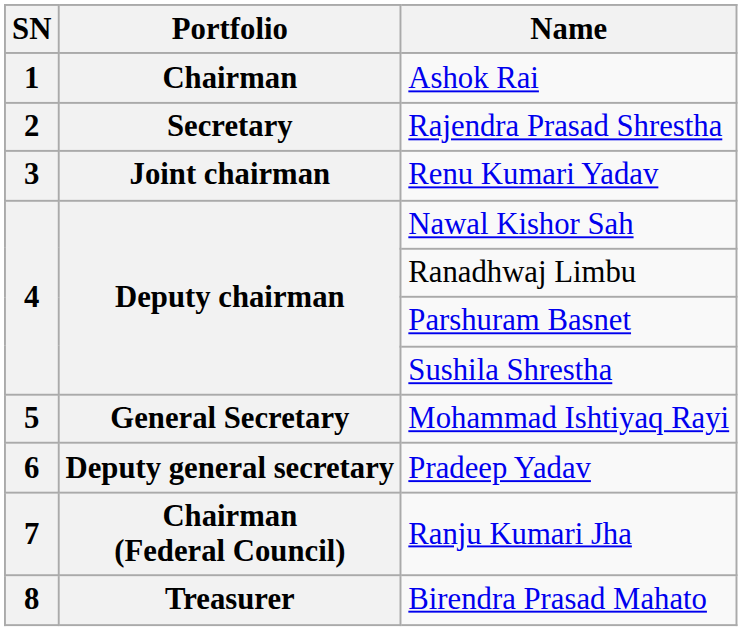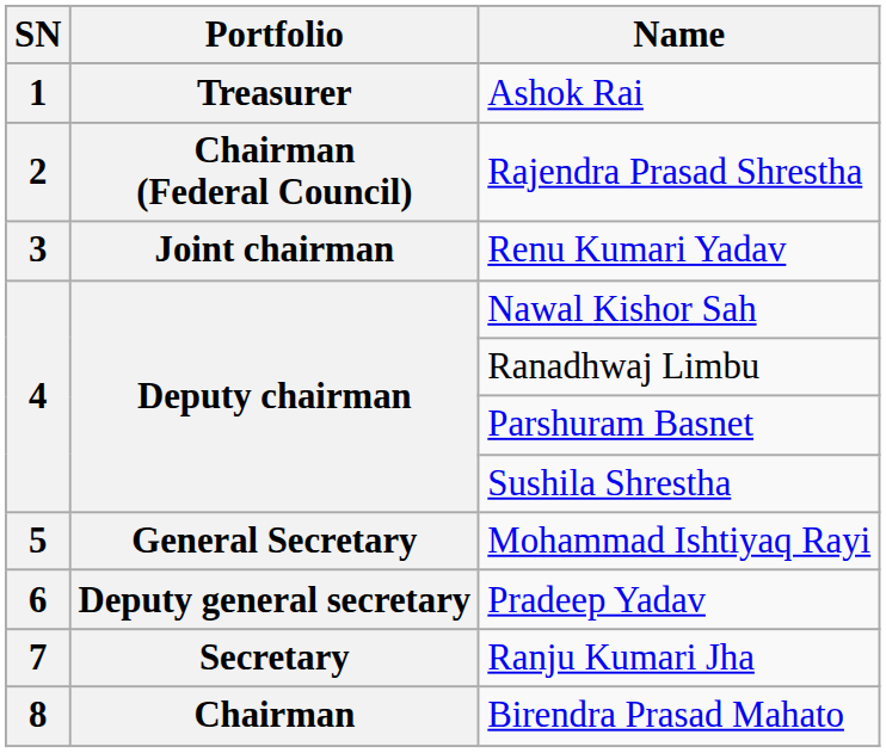 <table class="wikitable">
 <tr>
 <th style="background-color:">SN</th>
 <th style="background-color:">Portfolio</th>
 <th style="background-color:">Name</th>
 </tr>
 <tr>
 <th>1</th>
-<th>Chairman</th>
+<th>Treasurer</th>
 <td><a href='#'>Ashok Rai</a></td>
 </tr>
 <tr>
 <th>2</th>
-<th>Secretary</th>
+<th>Chairman<br>(Federal Council)</th>
 <td><a href='#'>Rajendra Prasad Shrestha</a></td>
 </tr>
 <tr>
 <th>3</th>
 <th>Joint chairman</th>
 <td><a href='#'>Renu Kumari Yadav</a></td>
 </tr>
 <tr>
 <th rowspan="4">4</th>
 <th rowspan="4">Deputy chairman</th>
 <td><a href='#'>Nawal Kishor Sah</a></td>
 </tr>
 <tr>
 <td>Ranadhwaj Limbu</td>
 </tr>
 <tr>
 <td><a href='#'>Parshuram Basnet</a></td>
 </tr>
 <tr>
 <td><a href='#'>Sushila Shrestha</a></td>
 </tr>
 <tr>
 <th>5</th>
 <th>General Secretary</th>
 <td><a href='#'>Mohammad Ishtiyaq Rayi</a></td>
 </tr>
 <tr>
 <th>6</th>
 <th>Deputy general secretary</th>
 <td><a href='#'>Pradeep Yadav</a></td>
 </tr>
 <tr>
 <th>7</th>
-<th>Chairman<br>(Federal Council)</th>
+<th>Secretary</th>
 <td><a href='#'>Ranju Kumari Jha</a></td>
 </tr>
 <tr>
 <th>8</th>
-<th>Treasurer</th>
+<th>Chairman</th>
 <td><a href='#'>Birendra Prasad Mahato</a></td>
 </tr>
 </table>
